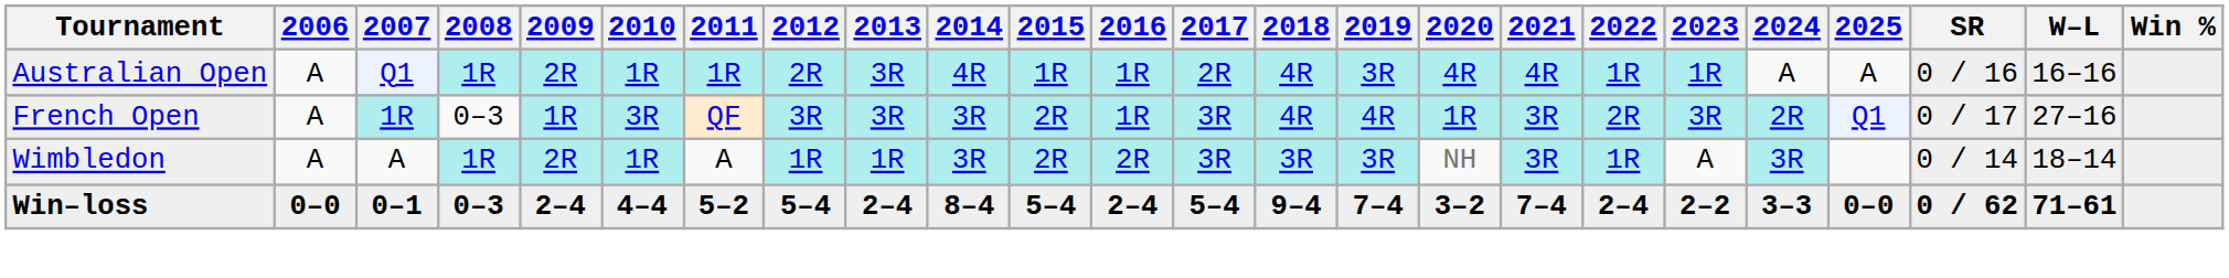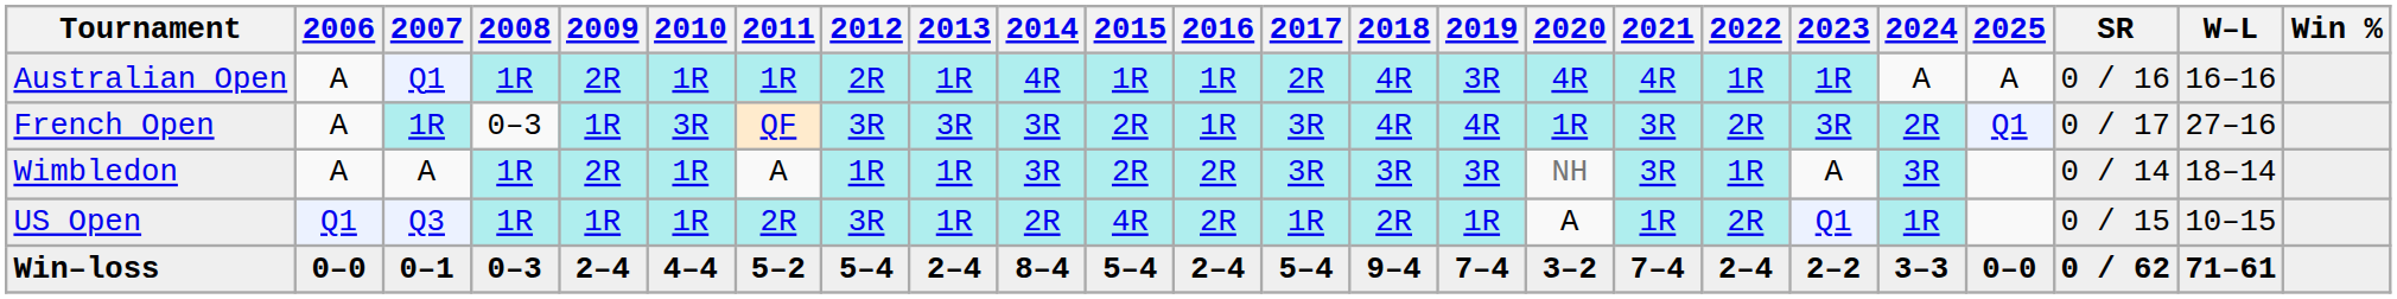 <table class="nowrap wikitable" style="text-align:center; font-size:85%">
 <tr>
 <th>Tournament</th>
 <th><a href='#'>2006</a></th>
 <th><a href='#'>2007</a></th>
 <th><a href='#'>2008</a></th>
 <th><a href='#'>2009</a></th>
 <th><a href='#'>2010</a></th>
 <th><a href='#'>2011</a></th>
 <th><a href='#'>2012</a></th>
 <th><a href='#'>2013</a></th>
 <th><a href='#'>2014</a></th>
 <th><a href='#'>2015</a></th>
 <th><a href='#'>2016</a></th>
 <th><a href='#'>2017</a></th>
 <th><a href='#'>2018</a></th>
 <th><a href='#'>2019</a></th>
 <th><a href='#'>2020</a></th>
 <th><a href='#'>2021</a></th>
 <th><a href='#'>2022</a></th>
 <th><a href='#'>2023</a></th>
 <th><a href='#'>2024</a></th>
 <th><a href='#'>2025</a></th>
 <th>SR</th>
 <th>W–L</th>
 <th>Win %</th>
 </tr>
 <tr>
 <td bgcolor=efefef align=left><a href='#'>Australian Open</a></td>
 <td>A</td>
 <td bgcolor= ecf2ff><a href='#'>Q1</a></td>
 <td bgcolor=afeeee><a href='#'>1R</a></td>
 <td bgcolor=afeeee><a href='#'>2R</a></td>
 <td bgcolor=afeeee><a href='#'>1R</a></td>
 <td bgcolor=afeeee><a href='#'>1R</a></td>
 <td bgcolor=afeeee><a href='#'>2R</a></td>
-<td bgcolor=afeeee><a href='#'>3R</a></td>
+<td bgcolor=afeeee><a href='#'>1R</a></td>
 <td bgcolor=afeeee><a href='#'>4R</a></td>
 <td bgcolor=afeeee><a href='#'>1R</a></td>
 <td bgcolor=afeeee><a href='#'>1R</a></td>
 <td bgcolor=afeeee><a href='#'>2R</a></td>
 <td bgcolor=afeeee><a href='#'>4R</a></td>
 <td bgcolor=afeeee><a href='#'>3R</a></td>
 <td bgcolor=afeeee><a href='#'>4R</a></td>
 <td bgcolor=afeeee><a href='#'>4R</a></td>
 <td bgcolor=afeeee><a href='#'>1R</a></td>
 <td bgcolor=afeeee><a href='#'>1R</a></td>
 <td>A</td>
 <td>A</td>
 <td bgcolor=efefef>0 / 16</td>
 <td bgcolor=efefef>16–16</td>
 <td bgcolor=efefef></td>
 </tr>
 <tr>
 <td bgcolor=efefef align=left><a href='#'>French Open</a></td>
 <td>A</td>
 <td bgcolor=afeeee><a href='#'>1R</a></td>
 <td>0–3</td>
 <td bgcolor=afeeee><a href='#'>1R</a></td>
 <td bgcolor=afeeee><a href='#'>3R</a></td>
 <td bgcolor=ffebcd><a href='#'>QF</a></td>
 <td bgcolor=afeeee><a href='#'>3R</a></td>
 <td bgcolor=afeeee><a href='#'>3R</a></td>
 <td bgcolor=afeeee><a href='#'>3R</a></td>
 <td bgcolor=afeeee><a href='#'>2R</a></td>
 <td bgcolor=afeeee><a href='#'>1R</a></td>
 <td bgcolor=afeeee><a href='#'>3R</a></td>
 <td bgcolor=afeeee><a href='#'>4R</a></td>
 <td bgcolor=afeeee><a href='#'>4R</a></td>
 <td bgcolor=afeeee><a href='#'>1R</a></td>
 <td bgcolor=afeeee><a href='#'>3R</a></td>
 <td bgcolor=afeeee><a href='#'>2R</a></td>
 <td bgcolor=afeeee><a href='#'>3R</a></td>
 <td bgcolor=afeeee><a href='#'>2R</a></td>
 <td bgcolor= ecf2ff><a href='#'>Q1</a></td>
 <td bgcolor=efefef>0 / 17</td>
 <td bgcolor=efefef>27–16</td>
 <td bgcolor=efefef></td>
 </tr>
 <tr>
 <td bgcolor=efefef align=left><a href='#'>Wimbledon</a></td>
 <td>A</td>
 <td>A</td>
 <td bgcolor=afeeee><a href='#'>1R</a></td>
 <td bgcolor=afeeee><a href='#'>2R</a></td>
 <td bgcolor=afeeee><a href='#'>1R</a></td>
 <td>A</td>
 <td bgcolor=afeeee><a href='#'>1R</a></td>
 <td bgcolor=afeeee><a href='#'>1R</a></td>
 <td bgcolor=afeeee><a href='#'>3R</a></td>
 <td bgcolor=afeeee><a href='#'>2R</a></td>
 <td bgcolor=afeeee><a href='#'>2R</a></td>
 <td bgcolor=afeeee><a href='#'>3R</a></td>
 <td bgcolor=afeeee><a href='#'>3R</a></td>
 <td bgcolor=afeeee><a href='#'>3R</a></td>
 <td style=color:#767676>NH</td>
 <td bgcolor=afeeee><a href='#'>3R</a></td>
 <td bgcolor=afeeee><a href='#'>1R</a></td>
 <td>A</td>
 <td bgcolor=afeeee><a href='#'>3R</a></td>
 <td></td>
 <td bgcolor=efefef>0 / 14</td>
 <td bgcolor=efefef>18–14</td>
 <td bgcolor=efefef></td>
 </tr>
+<tr>
+<td bgcolor=efefef align=left><a href='#'>US Open</a></td>
+<td bgcolor= ecf2ff><a href='#'>Q1</a></td>
+<td bgcolor= ecf2ff><a href='#'>Q3</a></td>
+<td bgcolor=afeeee><a href='#'>1R</a></td>
+<td bgcolor=afeeee><a href='#'>1R</a></td>
+<td bgcolor=afeeee><a href='#'>1R</a></td>
+<td bgcolor=afeeee><a href='#'>2R</a></td>
+<td bgcolor=afeeee><a href='#'>3R</a></td>
+<td bgcolor=afeeee><a href='#'>1R</a></td>
+<td bgcolor=afeeee><a href='#'>2R</a></td>
+<td bgcolor=afeeee><a href='#'>4R</a></td>
+<td bgcolor=afeeee><a href='#'>2R</a></td>
+<td bgcolor=afeeee><a href='#'>1R</a></td>
+<td bgcolor=afeeee><a href='#'>2R</a></td>
+<td bgcolor=afeeee><a href='#'>1R</a></td>
+<td>A</td>
+<td bgcolor=afeeee><a href='#'>1R</a></td>
+<td bgcolor=afeeee><a href='#'>2R</a></td>
+<td bgcolor= ecf2ff><a href='#'>Q1</a></td>
+<td bgcolor=afeeee><a href='#'>1R</a></td>
+<td></td>
+<td bgcolor="efefef">0 / 15</td>
+<td bgcolor="efefef">10–15</td>
+<td bgcolor="efefef"></td>
+</tr>
 <tr style="font-weight:bold;background:#EFEFEF;">
 <td align=left>Win–loss</td>
 <td>0–0</td>
 <td>0–1</td>
 <td>0–3</td>
 <td>2–4</td>
 <td>4–4</td>
 <td>5–2</td>
 <td>5–4</td>
 <td>2–4</td>
 <td>8–4</td>
 <td>5–4</td>
 <td>2–4</td>
 <td>5–4</td>
 <td>9–4</td>
 <td>7–4</td>
 <td>3–2</td>
 <td>7–4</td>
 <td>2–4</td>
 <td>2–2</td>
 <td>3–3</td>
 <td>0–0</td>
 <td>0 / 62</td>
 <td>71–61</td>
 <td></td>
 </tr>
 </table>
